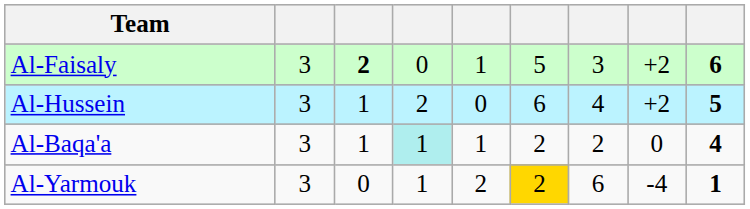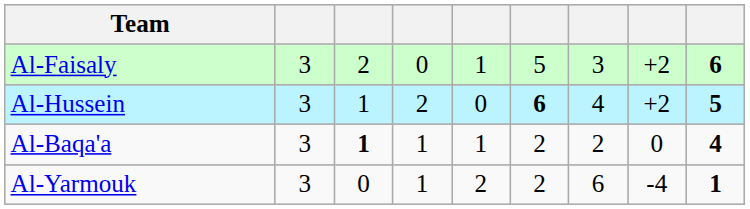 <table class="wikitable" style="text-align: center;">
 <tr>
 <th width="165">Team</th>
 <th width="30"></th>
 <th width="30"></th>
 <th width="30"></th>
 <th width="30"></th>
 <th width="30"></th>
 <th width="30"></th>
 <th width="30"></th>
 <th width="30"></th>
 </tr>
 <tr bgcolor="#ccffcc">
 <td align="left"><a href='#'>Al-Faisaly</a></td>
 <td>3</td>
-<td><strong>2</strong></td>
+<td>2</td>
 <td>0</td>
 <td>1</td>
 <td>5</td>
 <td>3</td>
 <td>+2</td>
 <td><strong>6</strong></td>
 </tr>
 <tr bgcolor="#bbf3ff">
 <td align="left"><a href='#'>Al-Hussein</a></td>
 <td>3</td>
 <td>1</td>
 <td>2</td>
 <td>0</td>
-<td>6</td>
+<td><strong>6</strong></td>
 <td>4</td>
 <td>+2</td>
 <td><strong>5</strong></td>
 </tr>
 <tr>
 <td align="left"><a href='#'>Al-Baqa'a</a></td>
 <td>3</td>
+<td><strong>1</strong></td>
 <td>1</td>
-<td style="background: paleturquoise;">1</td>
 <td>1</td>
 <td>2</td>
 <td>2</td>
 <td>0</td>
 <td><strong>4</strong></td>
 </tr>
 <tr>
 <td align="left"><a href='#'>Al-Yarmouk</a></td>
 <td>3</td>
 <td>0</td>
 <td>1</td>
 <td>2</td>
-<td style="background: gold;">2</td>
+<td>2</td>
 <td>6</td>
 <td>-4</td>
 <td><strong>1</strong></td>
 </tr>
 </table>
